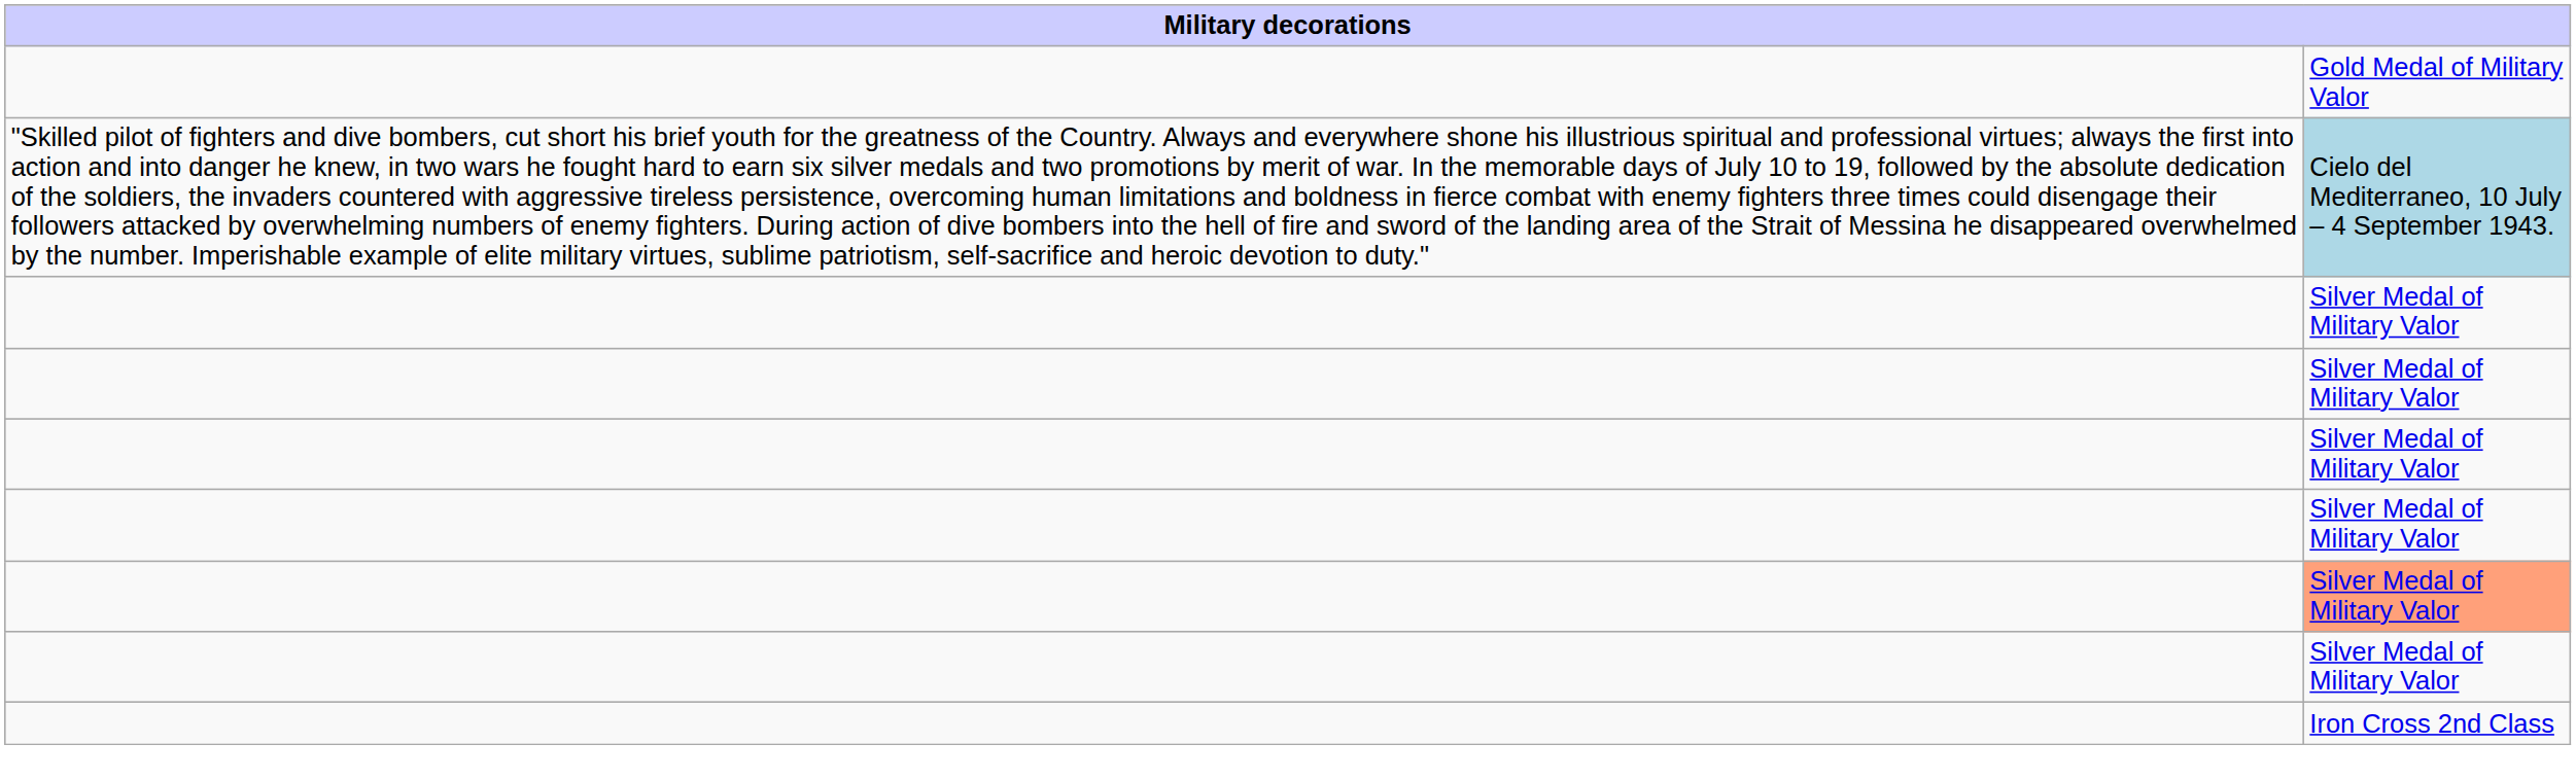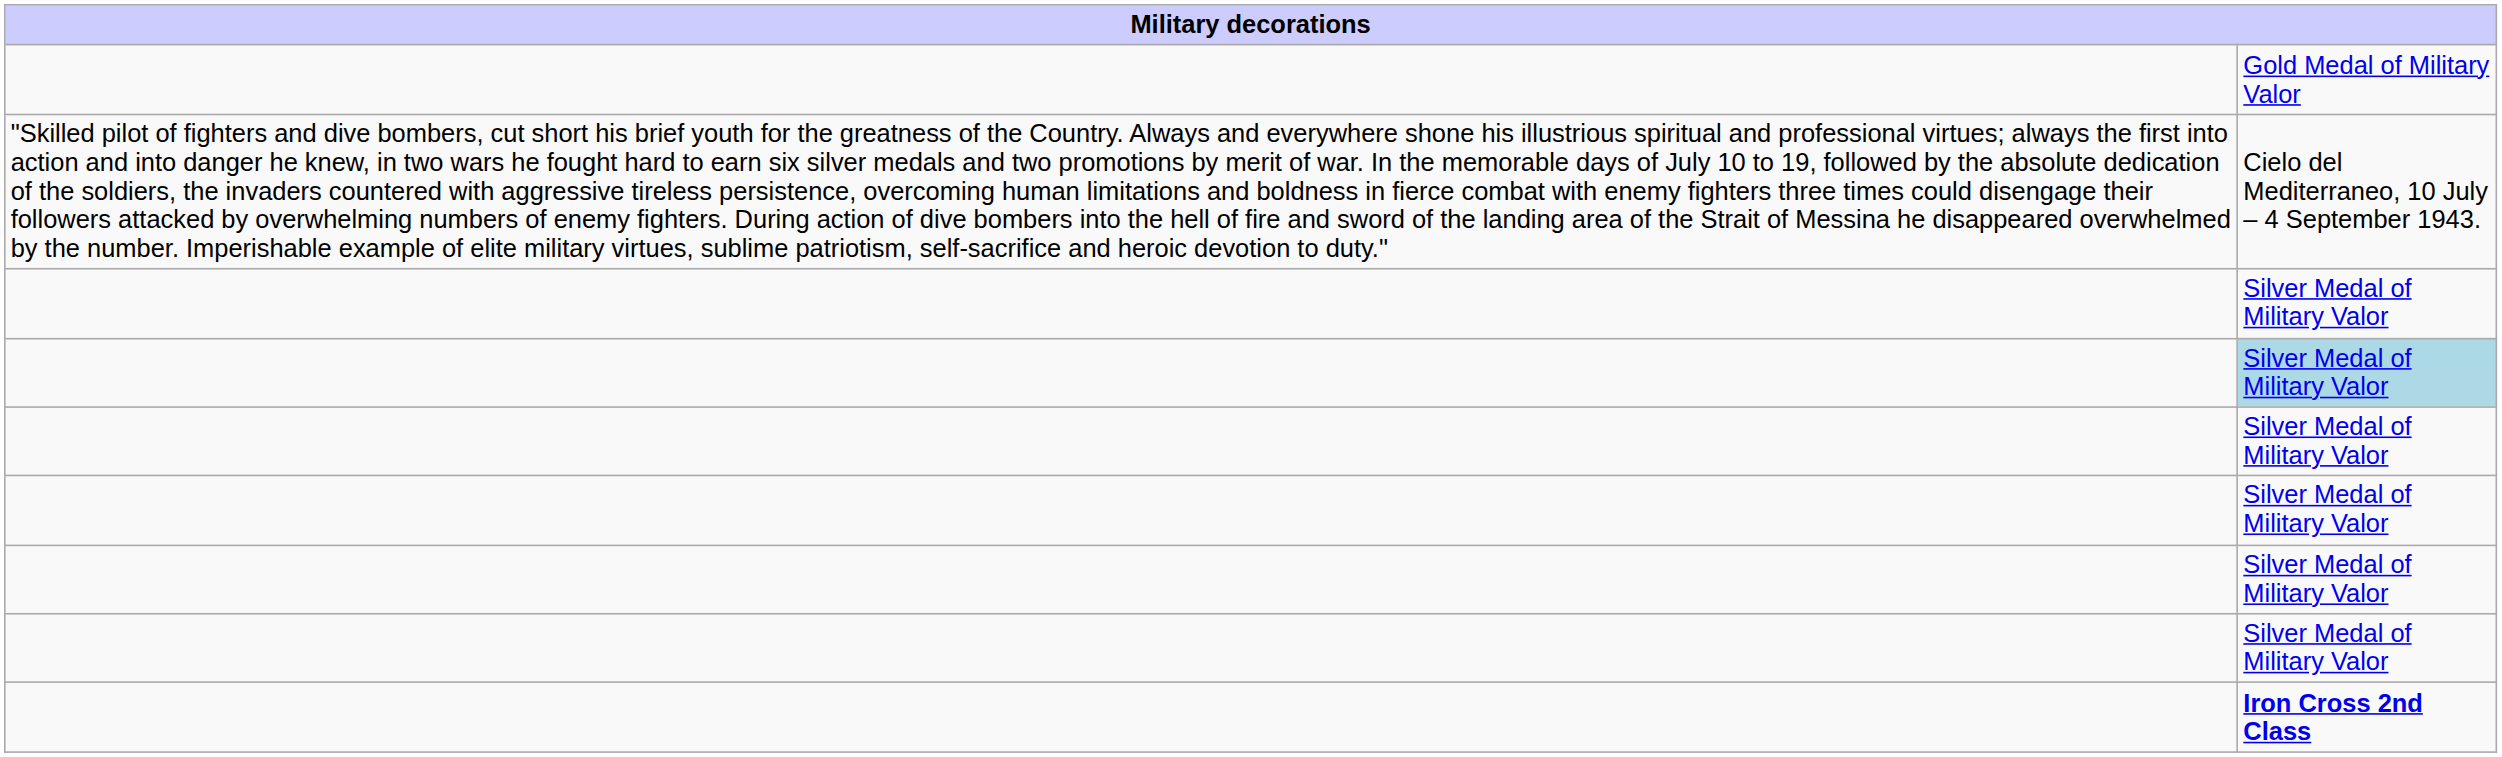 <table class="wikitable">
 <tr style="background:#ccf; text-align:center;">
 <td colspan=2><strong>Military decorations</strong></td>
 </tr>
 <tr>
 <td></td>
 <td><a href='#'>Gold Medal of Military Valor</a></td>
 </tr>
 <tr>
 <td>"Skilled pilot of fighters and dive bombers, cut short his brief youth for the greatness of the Country. Always and everywhere shone his illustrious spiritual and professional virtues; always the first into action and into danger he knew, in two wars he fought hard to earn six silver medals and two promotions by merit of war. In the memorable days of July 10 to 19, followed by the absolute dedication of the soldiers, the invaders countered with aggressive tireless persistence, overcoming human limitations and boldness in fierce combat with enemy fighters three times could disengage their followers attacked by overwhelming numbers of enemy fighters. During action of dive bombers into the hell of fire and sword of the landing area of the Strait of Messina he disappeared overwhelmed by the number. Imperishable example of elite military virtues, sublime patriotism, self-sacrifice and heroic devotion to duty."</td>
-<td style="background: lightblue;">Cielo del Mediterraneo, 10 July – 4 September 1943.</td>
+<td>Cielo del Mediterraneo, 10 July – 4 September 1943.</td>
+</tr>
+<tr>
+<td></td>
+<td><a href='#'>Silver Medal of Military Valor</a></td>
+</tr>
+<tr>
+<td></td>
+<td style="background: lightblue;"><a href='#'>Silver Medal of Military Valor</a></td>
 </tr>
 <tr>
 <td></td>
 <td><a href='#'>Silver Medal of Military Valor</a></td>
 </tr>
 <tr>
 <td></td>
 <td><a href='#'>Silver Medal of Military Valor</a></td>
 </tr>
 <tr>
 <td></td>
 <td><a href='#'>Silver Medal of Military Valor</a></td>
 </tr>
 <tr>
 <td></td>
 <td><a href='#'>Silver Medal of Military Valor</a></td>
 </tr>
 <tr>
 <td></td>
-<td style="background: lightsalmon;"><a href='#'>Silver Medal of Military Valor</a></td>
-</tr>
-<tr>
-<td></td>
-<td><a href='#'>Silver Medal of Military Valor</a></td>
-</tr>
-<tr>
-<td></td>
-<td><a href='#'>Iron Cross 2nd Class</a></td>
+<td><strong><a href='#'>Iron Cross 2nd Class</a></strong></td>
 </tr>
 </table>
